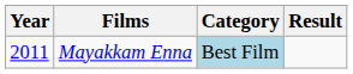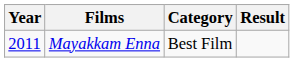 <table class="wikitable sortable">
 <tr>
 <th>Year</th>
 <th>Films</th>
 <th>Category</th>
 <th>Result</th>
 </tr>
 <tr>
 <td rowspan=2><a href='#'>2011</a></td>
 <td><em><a href='#'>Mayakkam Enna</a></em></td>
-<td style="background: lightblue;">Best Film</td>
+<td>Best Film</td>
 <td></td>
 </tr>
 </table>
